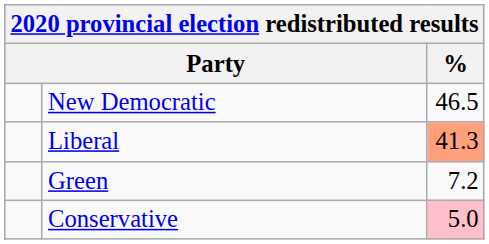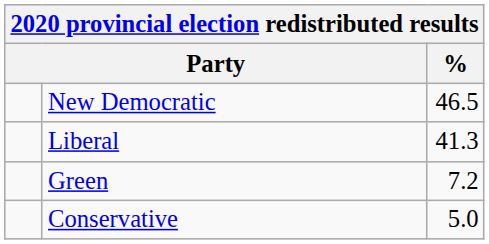 <table class="wikitable">
 <tr>
 <th colspan="4"><a href='#'>2020 provincial election</a> redistributed results</th>
 </tr>
 <tr>
 <th bgcolor="#DDDDFF" width="130px" colspan="2">Party</th>
 <th bgcolor="#DDDDFF" width="30px">%</th>
 </tr>
 <tr>
 <td> </td>
 <td><a href='#'>New Democratic</a></td>
 <td align=right>46.5</td>
 </tr>
 <tr>
 <td> </td>
 <td><a href='#'>Liberal</a></td>
-<td align=right style="background: lightsalmon;">41.3</td>
+<td align=right>41.3</td>
 </tr>
 <tr>
 <td> </td>
 <td><a href='#'>Green</a></td>
 <td align=right>7.2</td>
 </tr>
 <tr>
 <td> </td>
 <td><a href='#'>Conservative</a></td>
-<td align=right style="background: pink;">5.0</td>
+<td align=right>5.0</td>
 </tr>
 </table>
